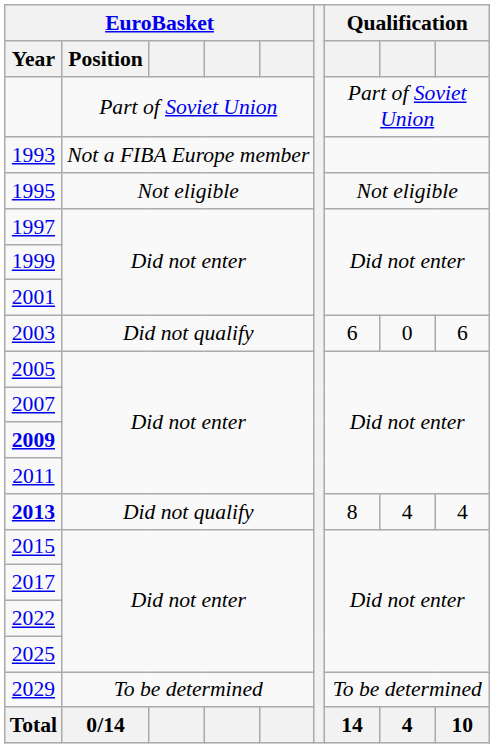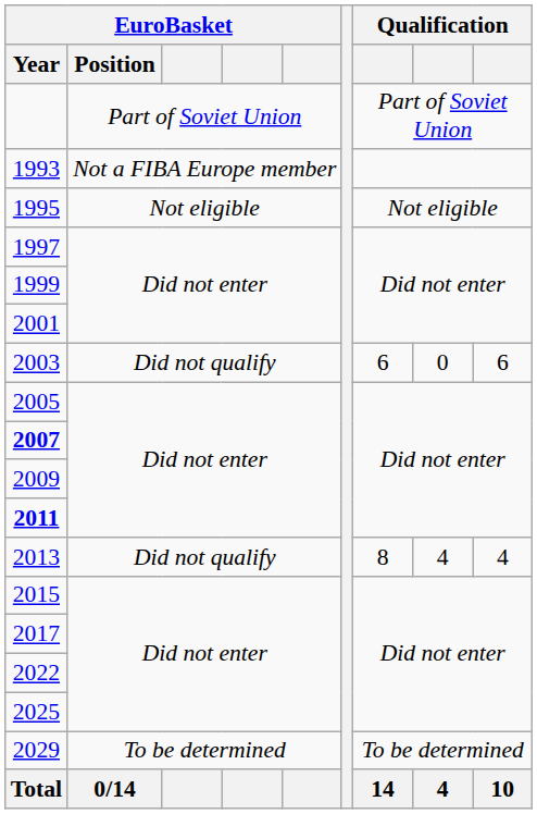 <table class="wikitable" style="text-align: center;font-size:90%;">
 <tr>
 <th colspan=5><a href='#'>EuroBasket</a></th>
 <th rowspan=20></th>
 <th colspan=3>Qualification</th>
 </tr>
 <tr>
 <th>Year</th>
 <th>Position</th>
 <th width=30></th>
 <th width=30></th>
 <th width=30></th>
 <th width=30></th>
 <th width=30></th>
 <th width=30></th>
 </tr>
 <tr>
 <td></td>
 <td colspan=4><em>Part of <a href='#'>Soviet Union</a></em></td>
 <td colspan=3><em>Part of <a href='#'>Soviet Union</a></em></td>
 </tr>
 <tr>
 <td> <a href='#'>1993</a></td>
 <td colspan=4><em>Not a FIBA Europe member</em></td>
 <td colspan=3></td>
 </tr>
 <tr>
 <td> <a href='#'>1995</a></td>
 <td colspan=4><em>Not eligible</em></td>
 <td colspan=3><em>Not eligible</em></td>
 </tr>
 <tr>
 <td> <a href='#'>1997</a></td>
 <td colspan=4 rowspan=3><em>Did not enter</em></td>
 <td colspan=3 rowspan=3><em>Did not enter</em></td>
 </tr>
 <tr>
 <td> <a href='#'>1999</a></td>
 </tr>
 <tr>
 <td> <a href='#'>2001</a></td>
 </tr>
 <tr>
 <td> <a href='#'>2003</a></td>
 <td colspan=4><em>Did not qualify</em></td>
 <td>6</td>
 <td>0</td>
 <td>6</td>
 </tr>
 <tr>
 <td> <a href='#'>2005</a></td>
 <td colspan=4 rowspan=4><em>Did not enter</em></td>
 <td colspan=3 rowspan=4><em>Did not enter</em></td>
 </tr>
 <tr>
-<td> <a href='#'>2007</a></td>
+<td><strong> <a href='#'>2007</a></strong></td>
 </tr>
 <tr>
-<td><strong> <a href='#'>2009</a></strong></td>
+<td> <a href='#'>2009</a></td>
 </tr>
 <tr>
-<td> <a href='#'>2011</a></td>
+<td><strong> <a href='#'>2011</a></strong></td>
 </tr>
 <tr>
-<td><strong> <a href='#'>2013</a></strong></td>
+<td> <a href='#'>2013</a></td>
 <td colspan=4><em>Did not qualify</em></td>
 <td>8</td>
 <td>4</td>
 <td>4</td>
 </tr>
 <tr>
 <td> <a href='#'>2015</a></td>
 <td colspan=4 rowspan=4><em>Did not enter</em></td>
 <td colspan=3 rowspan=4><em>Did not enter</em></td>
 </tr>
 <tr>
 <td> <a href='#'>2017</a></td>
 </tr>
 <tr>
 <td> <a href='#'>2022</a></td>
 </tr>
 <tr>
 <td> <a href='#'>2025</a></td>
 </tr>
 <tr>
 <td> <a href='#'>2029</a></td>
 <td colspan=4><em>To be determined</em></td>
 <td colspan=3><em>To be determined</em></td>
 </tr>
 <tr>
 <th>Total</th>
 <th>0/14</th>
 <th></th>
 <th></th>
 <th></th>
 <th>14</th>
 <th>4</th>
 <th>10</th>
 </tr>
 </table>
